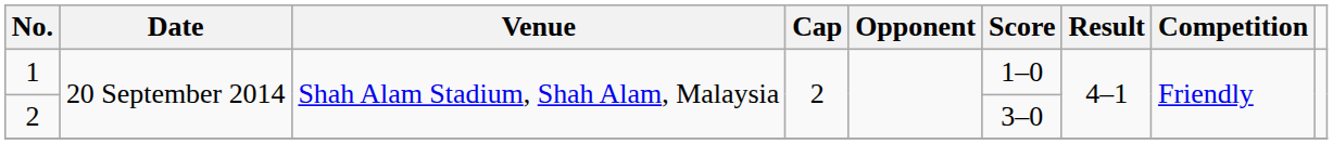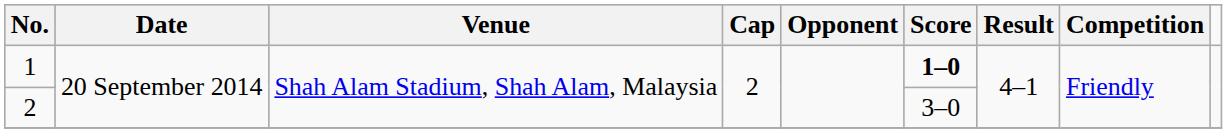 <table class="wikitable sortable plainrowheaders">
 <tr>
 <th scope=col>No.</th>
 <th scope=col data-sort-type=date>Date</th>
 <th scope=col>Venue</th>
 <th scope=col>Cap</th>
 <th scope=col>Opponent</th>
 <th scope=col>Score</th>
 <th scope=col>Result</th>
 <th scope=col>Competition</th>
 </tr>
 <tr>
 <td align=center>1</td>
 <td rowspan=2>20 September 2014</td>
 <td rowspan=2><a href='#'>Shah Alam Stadium</a>, <a href='#'>Shah Alam</a>, Malaysia</td>
 <td rowspan=2 align=center>2</td>
 <td rowspan=2></td>
-<td align=center>1–0</td>
+<td align=center><strong>1–0</strong></td>
 <td rowspan=2 align=center>4–1</td>
 <td rowspan=2><a href='#'>Friendly</a></td>
 <td rowspan=2 align= 2></td>
 </tr>
 <tr>
 <td align=center>2</td>
 <td align=center>3–0</td>
 </tr>
 <tr>
 </tr>
 </table>
